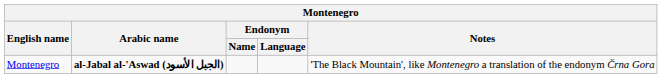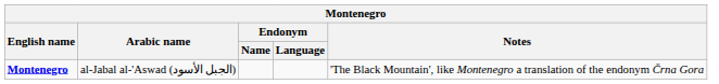 <table class="wikitable sortable">
 <tr>
 <th colspan="5">Montenegro</th>
 </tr>
 <tr>
 <th rowspan="2">English name</th>
 <th rowspan="2">Arabic name</th>
 <th colspan="2">Endonym</th>
 <th rowspan="2">Notes</th>
 </tr>
 <tr>
 <th>Name</th>
 <th>Language</th>
 </tr>
 <tr>
-<td><a href='#'>Montenegro</a></td>
-<td><strong>al-Jabal al-'Aswad (الجبل الأسود)</strong></td>
+<td><strong><a href='#'>Montenegro</a></strong></td>
+<td>al-Jabal al-'Aswad (الجبل الأسود)</td>
 <td></td>
 <td></td>
 <td>'The Black Mountain', like <em>Montenegro</em> a translation of the endonym <em>Črna Gora</em></td>
 </tr>
 </table>
